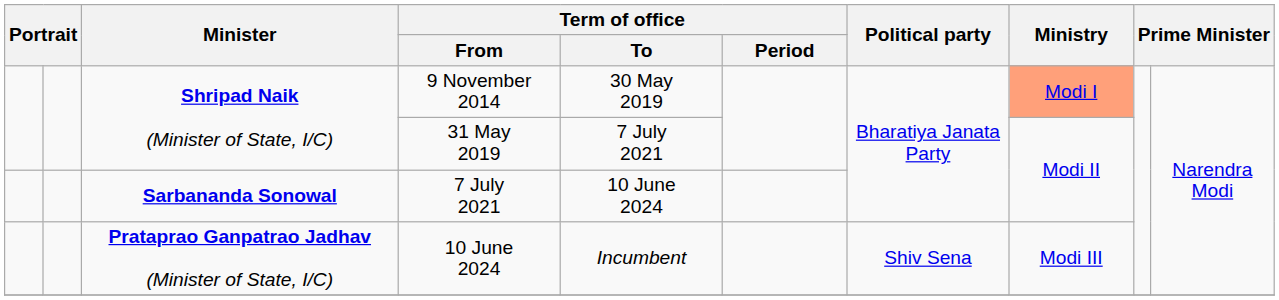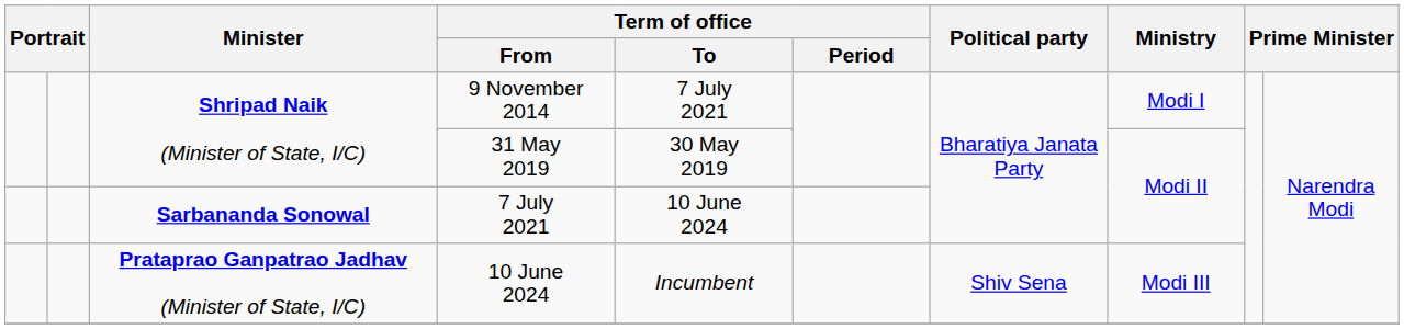 <table class="wikitable" style="text-align:center">
 <tr>
 <th rowspan="2" colspan="2">Portrait</th>
 <th rowspan="2" style="width:16em">Minister<br></th>
 <th colspan="3">Term of office</th>
 <th rowspan="2" style="width:8em">Political party</th>
 <th rowspan="2" style="width:6em">Ministry</th>
 <th rowspan="2" colspan="2">Prime Minister</th>
 </tr>
 <tr>
 <th style="width:8em">From</th>
 <th style="width:8em">To</th>
 <th style="width:6em">Period</th>
 </tr>
 <tr>
 <td rowspan="2"></td>
 <td rowspan="2"></td>
 <td rowspan="2"><strong><a href='#'>Shripad Naik</a></strong><br><br><em>(Minister of State, I/C)</em></td>
 <td>9 November<br>2014</td>
-<td>30 May<br>2019</td>
+<td>7 July<br>2021</td>
 <td rowspan="2"><strong></strong></td>
 <td rowspan="3"><a href='#'>Bharatiya Janata Party</a></td>
-<td style="background: lightsalmon;"><a href='#'>Modi I</a></td>
+<td><a href='#'>Modi I</a></td>
 <td rowspan="4"></td>
 <td rowspan="4" style="width:6em"><a href='#'>Narendra Modi</a></td>
 </tr>
 <tr>
 <td>31 May<br>2019</td>
-<td>7 July<br>2021</td>
+<td>30 May<br>2019</td>
 <td rowspan="2"><a href='#'>Modi II</a></td>
 </tr>
 <tr>
 <td></td>
 <td></td>
 <td><strong><a href='#'>Sarbananda Sonowal</a></strong><br></td>
 <td>7 July<br>2021</td>
 <td>10 June<br>2024</td>
 <td><strong></strong></td>
 </tr>
 <tr>
 <td></td>
 <td></td>
 <td><strong><a href='#'>Prataprao Ganpatrao Jadhav</a></strong><br><br><em>(Minister of State, I/C)</em></td>
 <td>10 June<br>2024</td>
 <td><em>Incumbent</em></td>
 <td><strong></strong></td>
 <td><a href='#'>Shiv Sena</a></td>
 <td><a href='#'>Modi III</a></td>
 </tr>
 <tr>
 </tr>
 </table>
